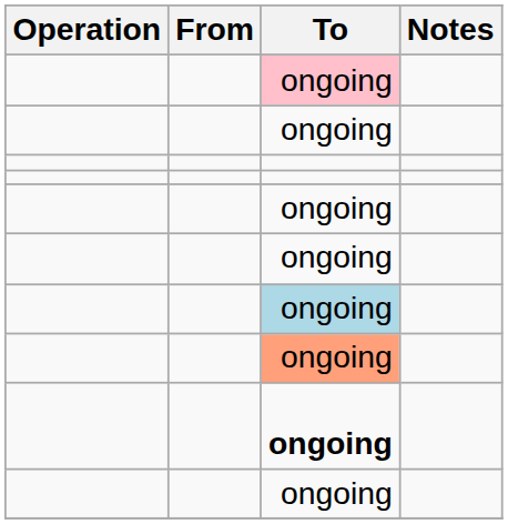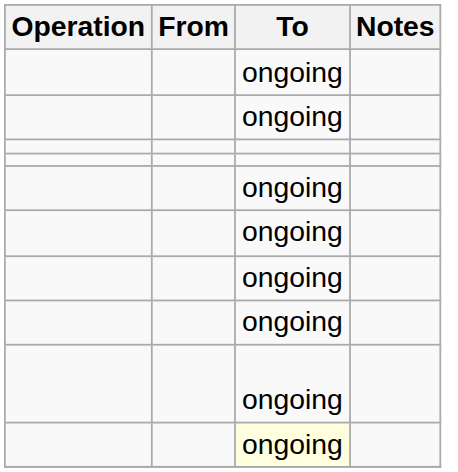 <table class="wikitable sortable">
 <tr>
 <th>Operation</th>
 <th>From</th>
 <th>To</th>
 <th>Notes</th>
 </tr>
 <tr>
 <td></td>
 <td align=right></td>
-<td align=right style="background: pink;">ongoing</td>
+<td align=right>ongoing</td>
 <td></td>
 </tr>
 <tr>
 <td></td>
 <td align=right></td>
 <td align=right>ongoing</td>
 <td></td>
 </tr>
 <tr>
 <td></td>
 <td align=right></td>
 <td align=right></td>
 <td></td>
 </tr>
 <tr>
 <td></td>
 <td align=right></td>
 <td align=right></td>
 <td></td>
 </tr>
 <tr>
 <td></td>
 <td align=right></td>
 <td align=right>ongoing</td>
 <td></td>
 </tr>
 <tr>
 <td></td>
 <td align=right></td>
 <td align=right>ongoing</td>
 <td></td>
 </tr>
 <tr>
 <td></td>
 <td align=right></td>
-<td align=right style="background: lightblue;">ongoing</td>
-<td></td>
-</tr>
-<tr>
-<td></td>
-<td align=right></td>
-<td align=right style="background: lightsalmon;">ongoing</td>
-<td></td>
-</tr>
-<tr>
-<td></td>
-<td align=right><br></td>
-<td align=right><strong><br>ongoing</strong></td>
+<td align=right>ongoing</td>
 <td></td>
 </tr>
 <tr>
 <td></td>
 <td align=right></td>
 <td align=right>ongoing</td>
 <td></td>
 </tr>
 <tr>
+<td></td>
+<td align=right><br></td>
+<td align=right><br>ongoing</td>
+<td></td>
+</tr>
+<tr>
+<td></td>
+<td align=right></td>
+<td align=right style="background: lightyellow;">ongoing</td>
+<td></td>
+</tr>
+<tr>
 </tr>
 </table>
